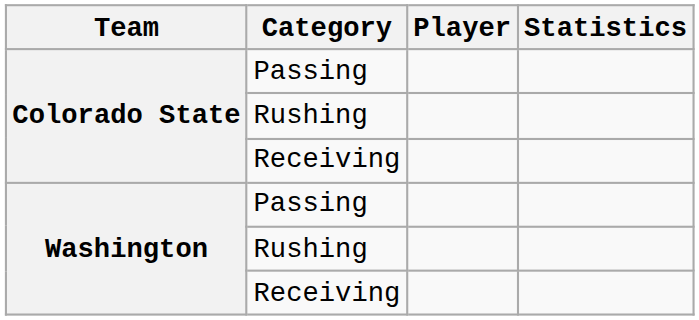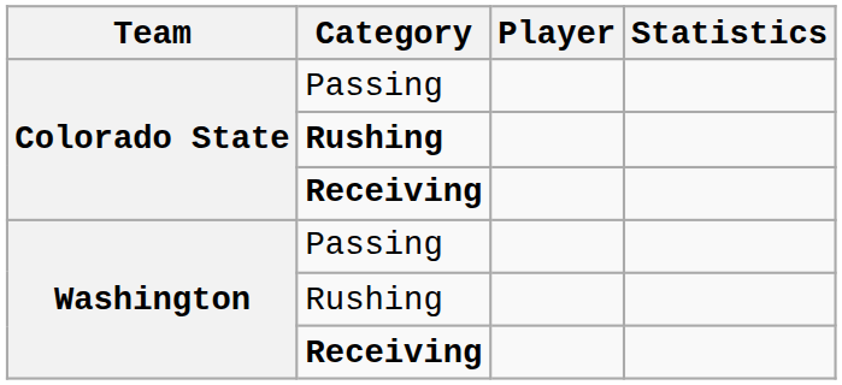 <table class="wikitable" style="float:right">
 <tr>
 <th>Team</th>
 <th>Category</th>
 <th>Player</th>
 <th>Statistics</th>
 </tr>
 <tr>
 <th rowspan=3>Colorado State</th>
 <td>Passing</td>
 <td></td>
 <td></td>
 </tr>
 <tr>
-<td>Rushing</td>
+<td><strong>Rushing</strong></td>
 <td></td>
 <td></td>
 </tr>
 <tr>
-<td>Receiving</td>
+<td><strong>Receiving</strong></td>
 <td></td>
 <td></td>
 </tr>
 <tr>
 <th rowspan=3>Washington</th>
 <td>Passing</td>
 <td></td>
 <td></td>
 </tr>
 <tr>
 <td>Rushing</td>
 <td></td>
 <td></td>
 </tr>
 <tr>
-<td>Receiving</td>
+<td><strong>Receiving</strong></td>
 <td></td>
 <td></td>
 </tr>
 </table>
